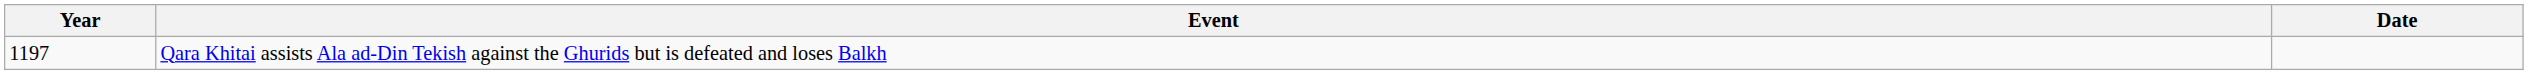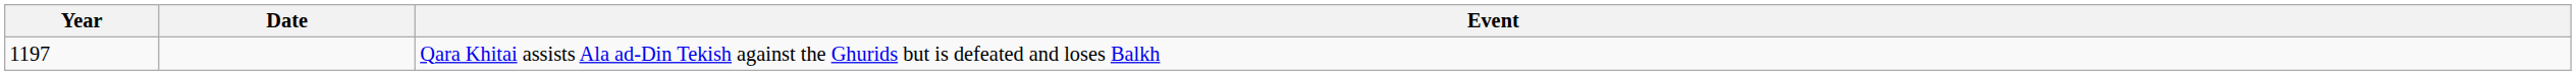 <table class="wikitable" width="100%">
 <tr>
 <th style="width:6%">Year</th>
+<th style="width:10%">Date</th>
 <th>Event</th>
-<th style="width:10%">Date</th>
 </tr>
 <tr>
 <td>1197</td>
+<td></td>
 <td><a href='#'>Qara Khitai</a> assists <a href='#'>Ala ad-Din Tekish</a> against the <a href='#'>Ghurids</a> but is defeated and loses <a href='#'>Balkh</a></td>
-<td></td>
 </tr>
 </table>
